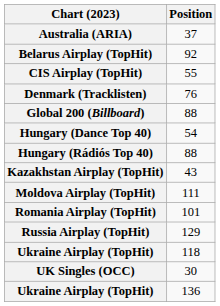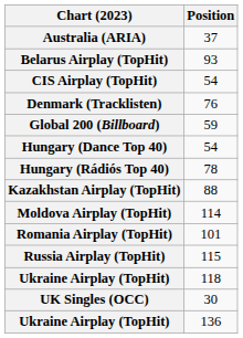 <table class="wikitable sortable plainrowheaders" style="text-align:center">
 <tr>
 <th scope="col">Chart (2023)</th>
 <th scope="col">Position</th>
 </tr>
 <tr>
 <th scope="row">Australia (ARIA)</th>
 <td>37</td>
 </tr>
 <tr>
 <th scope="row">Belarus Airplay (TopHit)</th>
-<td>92</td>
+<td>93</td>
 </tr>
 <tr>
 <th scope="row">CIS Airplay (TopHit)</th>
-<td>55</td>
+<td>54</td>
 </tr>
 <tr>
 <th scope="row">Denmark (Tracklisten)</th>
 <td>76</td>
 </tr>
 <tr>
 <th scope="row">Global 200 (<em>Billboard</em>)</th>
-<td>88</td>
+<td>59</td>
 </tr>
 <tr>
 <th scope="row">Hungary (Dance Top 40)</th>
 <td>54</td>
 </tr>
 <tr>
 <th scope="row">Hungary (Rádiós Top 40)</th>
+<td>78</td>
+</tr>
+<tr>
+<th scope="row">Kazakhstan Airplay (TopHit)</th>
 <td>88</td>
 </tr>
 <tr>
-<th scope="row">Kazakhstan Airplay (TopHit)</th>
-<td>43</td>
-</tr>
-<tr>
 <th scope="row">Moldova Airplay (TopHit)</th>
-<td>111</td>
+<td>114</td>
 </tr>
 <tr>
 <th scope="row">Romania Airplay (TopHit)</th>
 <td>101</td>
 </tr>
 <tr>
 <th scope="row">Russia Airplay (TopHit)</th>
-<td>129</td>
+<td>115</td>
 </tr>
 <tr>
 <th scope="row">Ukraine Airplay (TopHit)</th>
 <td>118</td>
 </tr>
 <tr>
 <th scope="row">UK Singles (OCC)</th>
 <td>30</td>
 </tr>
 <tr>
 <th scope="row">Ukraine Airplay (TopHit)</th>
 <td>136</td>
 </tr>
 </table>
